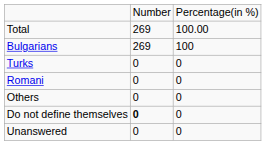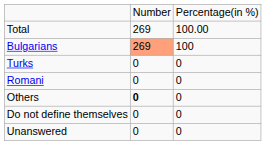 <table class="wikitable">
 <tr>
 <td></td>
 <td>Number</td>
 <td>Percentage(in %)</td>
 </tr>
 <tr>
 <td>Total</td>
 <td>269</td>
 <td>100.00</td>
 </tr>
 <tr>
 <td><a href='#'>Bulgarians</a></td>
-<td>269</td>
+<td style="background: lightsalmon;">269</td>
 <td>100</td>
 </tr>
 <tr>
 <td><a href='#'>Turks</a></td>
 <td>0</td>
 <td>0</td>
 </tr>
 <tr>
 <td><a href='#'>Romani</a></td>
 <td>0</td>
 <td>0</td>
 </tr>
 <tr>
 <td>Others</td>
-<td>0</td>
+<td><strong>0</strong></td>
 <td>0</td>
 </tr>
 <tr>
 <td>Do not define themselves</td>
-<td><strong>0</strong></td>
+<td>0</td>
 <td>0</td>
 </tr>
 <tr>
 <td>Unanswered</td>
 <td>0</td>
 <td>0</td>
 </tr>
 </table>
